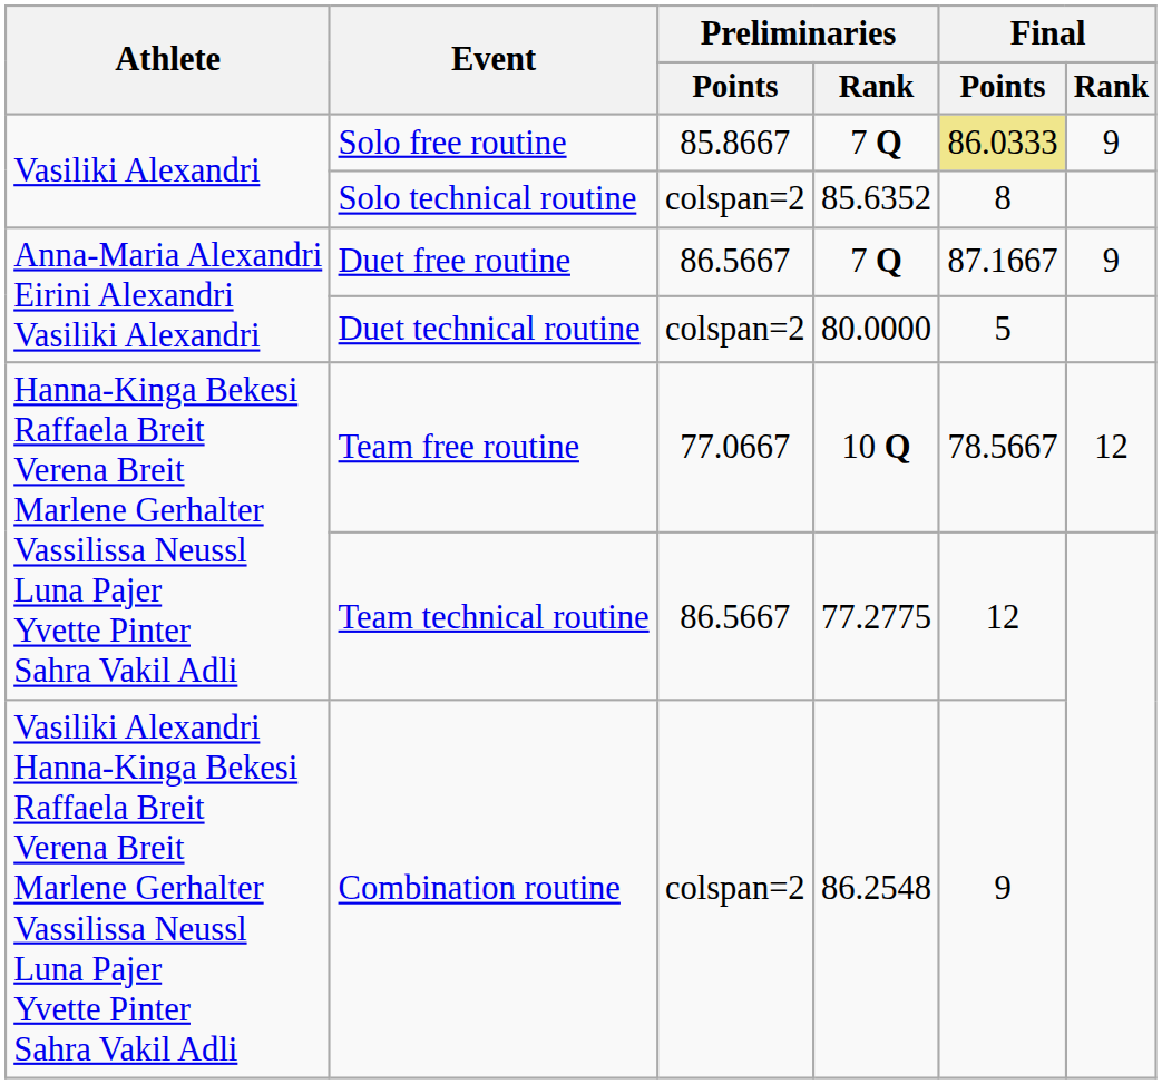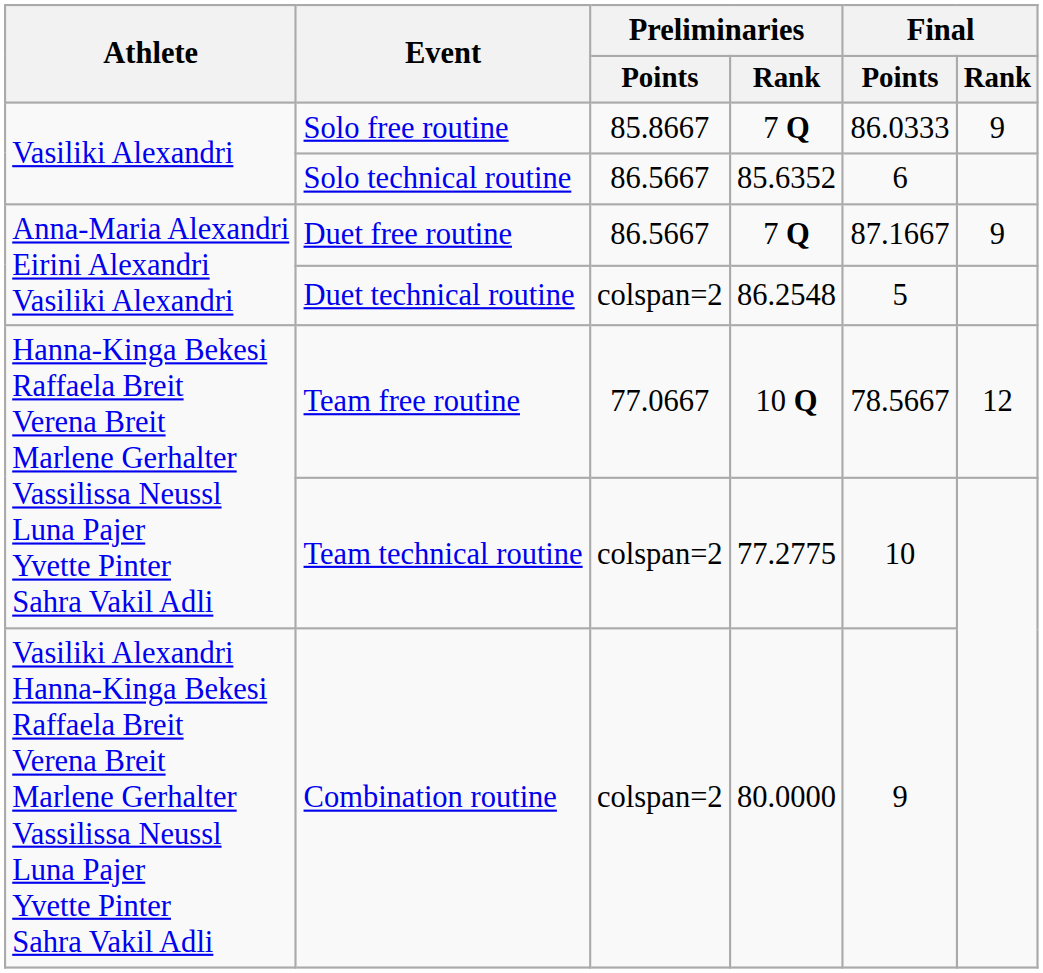 <table class=wikitable style="font-size:90%">
 <tr>
 <th rowspan="2">Athlete</th>
 <th rowspan="2">Event</th>
 <th colspan="2">Preliminaries</th>
 <th colspan="2">Final</th>
 </tr>
 <tr style="font-size:95%">
 <th>Points</th>
 <th>Rank</th>
 <th>Points</th>
 <th>Rank</th>
 </tr>
 <tr align=center>
 <td align=left rowspan=2><a href='#'>Vasiliki Alexandri</a></td>
 <td align=left><a href='#'>Solo free routine</a></td>
 <td>85.8667</td>
 <td>7 <strong>Q</strong></td>
-<td style="background: khaki;">86.0333</td>
+<td>86.0333</td>
 <td>9</td>
 </tr>
 <tr align=center>
 <td align=left><a href='#'>Solo technical routine</a></td>
-<td>colspan=2</td>
+<td>86.5667</td>
 <td>85.6352</td>
-<td>8</td>
+<td>6</td>
 </tr>
 <tr align=center>
 <td align=left rowspan=2><a href='#'>Anna-Maria Alexandri</a><br><a href='#'>Eirini Alexandri</a><br><a href='#'>Vasiliki Alexandri</a></td>
 <td align=left><a href='#'>Duet free routine</a></td>
 <td>86.5667</td>
 <td>7 <strong>Q</strong></td>
 <td>87.1667</td>
 <td>9</td>
 </tr>
 <tr align=center>
 <td align=left><a href='#'>Duet technical routine</a></td>
 <td>colspan=2</td>
-<td>80.0000</td>
+<td>86.2548</td>
 <td>5</td>
 </tr>
 <tr align=center>
 <td align=left rowspan=2><a href='#'>Hanna-Kinga Bekesi</a><br><a href='#'>Raffaela Breit</a><br><a href='#'>Verena Breit</a><br><a href='#'>Marlene Gerhalter</a><br><a href='#'>Vassilissa Neussl</a><br><a href='#'>Luna Pajer</a><br><a href='#'>Yvette Pinter</a><br><a href='#'>Sahra Vakil Adli</a></td>
 <td align=left><a href='#'>Team free routine</a></td>
 <td>77.0667</td>
 <td>10 <strong>Q</strong></td>
 <td>78.5667</td>
 <td>12</td>
 </tr>
 <tr align=center>
 <td align=left><a href='#'>Team technical routine</a></td>
-<td>86.5667</td>
+<td>colspan=2</td>
 <td>77.2775</td>
-<td>12</td>
+<td>10</td>
 </tr>
 <tr align=center>
 <td align=left><a href='#'>Vasiliki Alexandri</a><br><a href='#'>Hanna-Kinga Bekesi</a><br><a href='#'>Raffaela Breit</a><br><a href='#'>Verena Breit</a><br><a href='#'>Marlene Gerhalter</a><br><a href='#'>Vassilissa Neussl</a><br><a href='#'>Luna Pajer</a><br><a href='#'>Yvette Pinter</a><br><a href='#'>Sahra Vakil Adli</a></td>
 <td align=left><a href='#'>Combination routine</a></td>
 <td>colspan=2</td>
-<td>86.2548</td>
+<td>80.0000</td>
 <td>9</td>
 </tr>
 </table>
